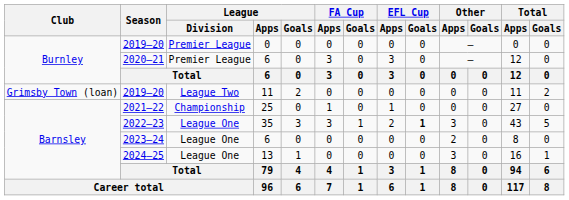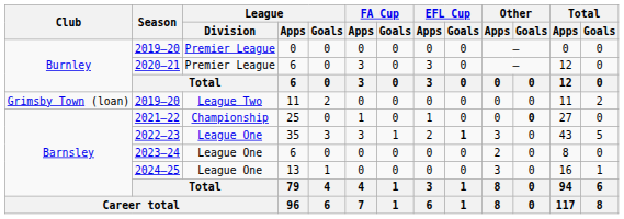 <table class=wikitable style=text-align:center>
 <tr>
 <th rowspan=2>Club</th>
 <th rowspan=2>Season</th>
 <th colspan=3>League</th>
 <th colspan=2><a href='#'>FA Cup</a></th>
 <th colspan=2><a href='#'>EFL Cup</a></th>
 <th colspan=2>Other</th>
 <th colspan=2>Total</th>
 </tr>
 <tr>
 <th>Division</th>
 <th>Apps</th>
 <th>Goals</th>
 <th>Apps</th>
 <th>Goals</th>
 <th>Apps</th>
 <th>Goals</th>
 <th>Apps</th>
 <th>Goals</th>
 <th>Apps</th>
 <th>Goals</th>
 </tr>
 <tr>
 <td rowspan="3"><a href='#'>Burnley</a></td>
 <td><a href='#'>2019–20</a></td>
 <td><a href='#'>Premier League</a></td>
 <td>0</td>
 <td>0</td>
 <td>0</td>
 <td>0</td>
 <td>0</td>
 <td>0</td>
 <td colspan=2>—</td>
 <td>0</td>
 <td>0</td>
 </tr>
 <tr>
 <td><a href='#'>2020–21</a></td>
 <td>Premier League</td>
 <td>6</td>
 <td>0</td>
 <td>3</td>
 <td>0</td>
 <td>3</td>
 <td>0</td>
 <td colspan=2>—</td>
 <td>12</td>
 <td>0</td>
 </tr>
 <tr>
 <th colspan="2">Total</th>
 <th>6</th>
 <th>0</th>
 <th>3</th>
 <th>0</th>
 <th>3</th>
 <th>0</th>
 <th>0</th>
 <th>0</th>
 <th>12</th>
 <th>0</th>
 </tr>
 <tr>
 <td><a href='#'>Grimsby Town</a> (loan)</td>
 <td><a href='#'>2019–20</a></td>
 <td><a href='#'>League Two</a></td>
 <td>11</td>
 <td>2</td>
 <td>0</td>
 <td>0</td>
 <td>0</td>
 <td>0</td>
 <td>0</td>
 <td>0</td>
 <td>11</td>
 <td>2</td>
 </tr>
 <tr>
 <td rowspan=5><a href='#'>Barnsley</a></td>
 <td><a href='#'>2021–22</a></td>
 <td><a href='#'>Championship</a></td>
 <td>25</td>
 <td>0</td>
 <td>1</td>
 <td>0</td>
 <td>1</td>
 <td>0</td>
 <td>0</td>
-<td>0</td>
+<td><strong>0</strong></td>
 <td>27</td>
 <td>0</td>
 </tr>
 <tr>
 <td><a href='#'>2022–23</a></td>
 <td><a href='#'>League One</a></td>
 <td>35</td>
 <td>3</td>
 <td>3</td>
 <td>1</td>
 <td>2</td>
 <td><strong>1</strong></td>
 <td>3</td>
 <td>0</td>
 <td>43</td>
 <td>5</td>
 </tr>
 <tr>
 <td><a href='#'>2023–24</a></td>
 <td>League One</td>
 <td>6</td>
 <td>0</td>
 <td>0</td>
 <td>0</td>
 <td>0</td>
 <td>0</td>
 <td>2</td>
 <td>0</td>
 <td>8</td>
 <td>0</td>
 </tr>
 <tr>
 <td><a href='#'>2024–25</a></td>
 <td>League One</td>
 <td>13</td>
 <td>1</td>
 <td>0</td>
 <td>0</td>
 <td>0</td>
 <td>0</td>
 <td>3</td>
 <td>0</td>
 <td>16</td>
 <td>1</td>
 </tr>
 <tr>
 <th colspan=2>Total</th>
 <th>79</th>
 <th>4</th>
 <th>4</th>
 <th>1</th>
 <th>3</th>
 <th>1</th>
 <th>8</th>
 <th>0</th>
 <th>94</th>
 <th>6</th>
 </tr>
 <tr>
 <th colspan=3>Career total</th>
 <th>96</th>
 <th>6</th>
 <th>7</th>
 <th>1</th>
 <th>6</th>
 <th>1</th>
 <th>8</th>
 <th>0</th>
 <th>117</th>
 <th>8</th>
 </tr>
 </table>
